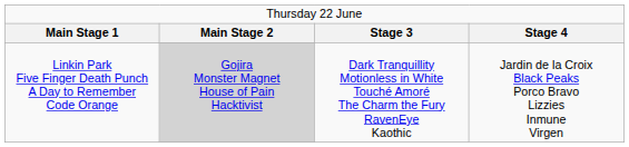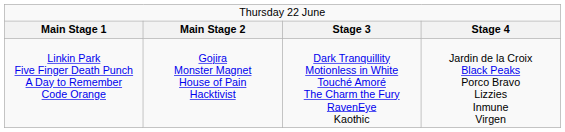 <table class="wikitable">
 <tr>
 <td colspan="4" style="text-align:center;">Thursday 22 June</td>
 </tr>
 <tr>
 <th>Main Stage 1</th>
 <th>Main Stage 2</th>
 <th>Stage 3</th>
 <th>Stage 4</th>
 </tr>
 <tr>
 <td style="text-align:center; vertical-align:top; width:200px;"><br><a href='#'>Linkin Park</a><br> <a href='#'>Five Finger Death Punch</a><br> <a href='#'>A Day to Remember</a><br> <a href='#'>Code Orange</a><br></td>
-<td style="background: lightgrey; text-align:center; vertical-align:top; width:200px;"><br><a href='#'>Gojira</a><br> <a href='#'>Monster Magnet</a><br> <a href='#'>House of Pain</a><br> <a href='#'>Hacktivist</a><br></td>
+<td style="text-align:center; vertical-align:top; width:200px;"><br><a href='#'>Gojira</a><br> <a href='#'>Monster Magnet</a><br> <a href='#'>House of Pain</a><br> <a href='#'>Hacktivist</a><br></td>
 <td style="text-align:center; vertical-align:top; width:200px;"><br><a href='#'>Dark Tranquillity</a><br> <a href='#'>Motionless in White</a><br> <a href='#'>Touché Amoré</a><br> <a href='#'>The Charm the Fury</a><br> <a href='#'>RavenEye</a><br> Kaothic<br></td>
 <td style="text-align:center; vertical-align:top; width:200px;"><br>Jardin de la Croix<br> <a href='#'>Black Peaks</a><br> Porco Bravo<br> Lizzies<br> Inmune<br> Virgen<br></td>
 </tr>
 </table>
